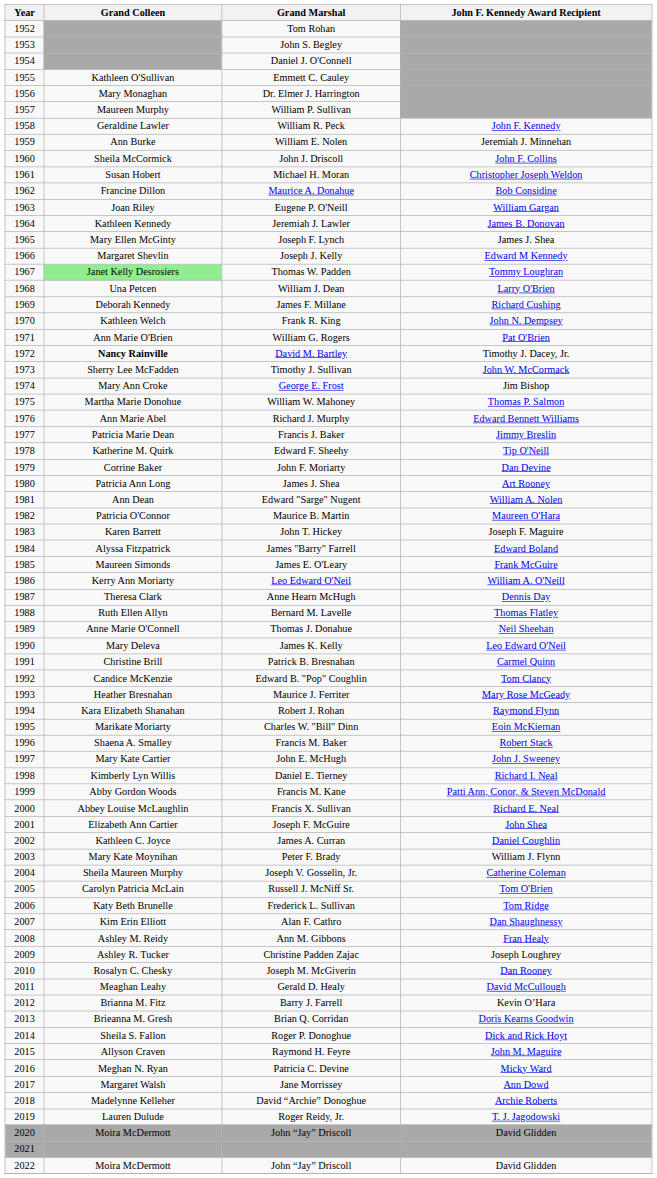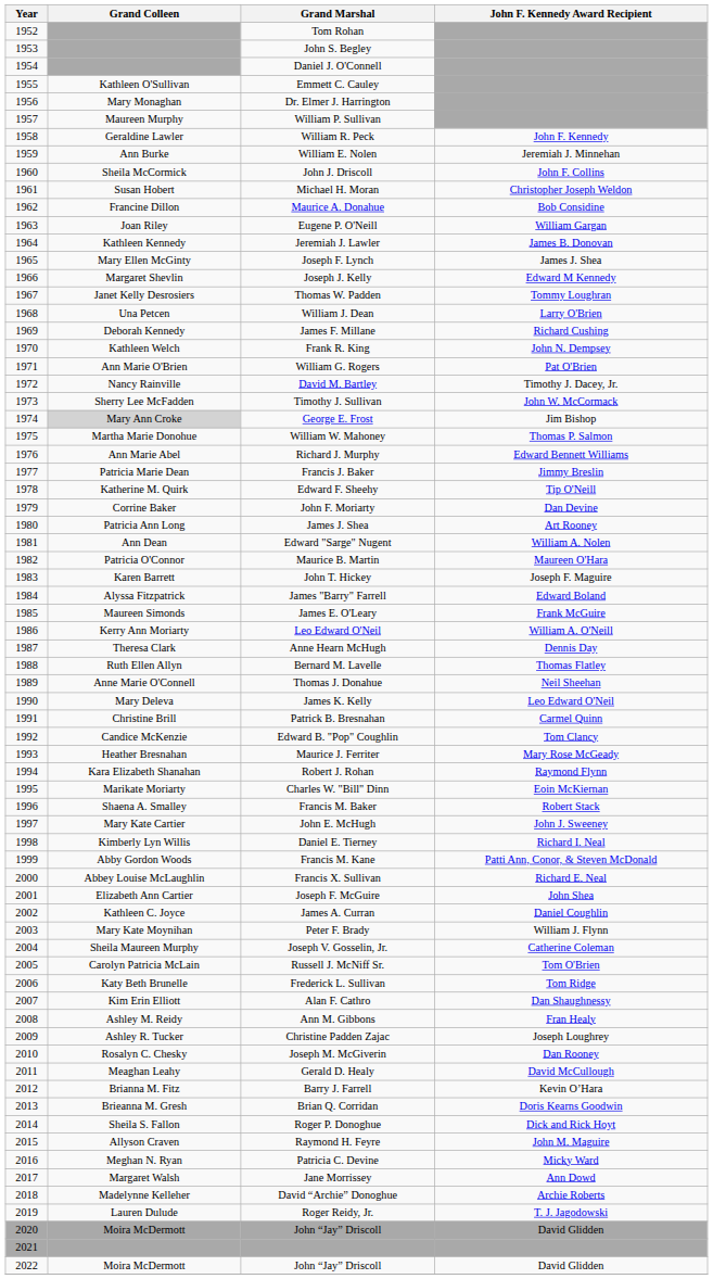 <table class=wikitable style="text-align:center;width:80%;margin-left: auto; margin-right: auto;">
 <tr>
 <th>Year</th>
 <th>Grand Colleen</th>
 <th>Grand Marshal</th>
 <th>John F. Kennedy Award Recipient</th>
 </tr>
 <tr>
 <td>1952</td>
 <td style="background-color: darkgray; border-color: darkgray;"></td>
 <td>Tom Rohan</td>
 <td style="background-color: darkgray; border-color: darkgray"></td>
 </tr>
 <tr>
 <td>1953</td>
 <td style="background-color: darkgray; border-color: darkgray"></td>
 <td>John S. Begley</td>
 <td style="background-color: darkgray; border-color: darkgray"></td>
 </tr>
 <tr>
 <td>1954</td>
 <td style="background-color: darkgray; border-color: darkgray"></td>
 <td>Daniel J. O'Connell</td>
 <td style="background-color: darkgray; border-color: darkgray"></td>
 </tr>
 <tr>
 <td>1955</td>
 <td>Kathleen O'Sullivan</td>
 <td>Emmett C. Cauley</td>
 <td style="background-color: darkgray; border-color: darkgray"></td>
 </tr>
 <tr>
 <td>1956</td>
 <td>Mary Monaghan</td>
 <td>Dr. Elmer J. Harrington</td>
 <td style="background-color: darkgray; border-color: darkgray"></td>
 </tr>
 <tr>
 <td>1957</td>
 <td>Maureen Murphy</td>
 <td>William P. Sullivan</td>
 <td style="background-color: darkgray; border-color: darkgray"></td>
 </tr>
 <tr>
 <td>1958</td>
 <td>Geraldine Lawler</td>
 <td>William R. Peck</td>
 <td><a href='#'>John F. Kennedy</a></td>
 </tr>
 <tr>
 <td>1959</td>
 <td>Ann Burke</td>
 <td>William E. Nolen</td>
 <td>Jeremiah J. Minnehan</td>
 </tr>
 <tr>
 <td>1960</td>
 <td>Sheila McCormick</td>
 <td>John J. Driscoll</td>
 <td><a href='#'>John F. Collins</a></td>
 </tr>
 <tr>
 <td>1961</td>
 <td>Susan Hobert</td>
 <td>Michael H. Moran</td>
 <td><a href='#'>Christopher Joseph Weldon</a></td>
 </tr>
 <tr>
 <td>1962</td>
 <td>Francine Dillon</td>
 <td><a href='#'>Maurice A. Donahue</a></td>
 <td><a href='#'>Bob Considine</a></td>
 </tr>
 <tr>
 <td>1963</td>
 <td>Joan Riley</td>
 <td>Eugene P. O'Neill</td>
 <td><a href='#'>William Gargan</a></td>
 </tr>
 <tr>
 <td>1964</td>
 <td>Kathleen Kennedy</td>
 <td>Jeremiah J. Lawler</td>
 <td><a href='#'>James B. Donovan</a></td>
 </tr>
 <tr>
 <td>1965</td>
 <td>Mary Ellen McGinty</td>
 <td>Joseph F. Lynch</td>
 <td>James J. Shea</td>
 </tr>
 <tr>
 <td>1966</td>
 <td>Margaret Shevlin</td>
 <td>Joseph J. Kelly</td>
 <td><a href='#'>Edward M Kennedy</a></td>
 </tr>
 <tr>
 <td>1967</td>
-<td style="background: lightgreen;">Janet Kelly Desrosiers</td>
+<td>Janet Kelly Desrosiers</td>
 <td>Thomas W. Padden</td>
 <td><a href='#'>Tommy Loughran</a></td>
 </tr>
 <tr>
 <td>1968</td>
 <td>Una Petcen</td>
 <td>William J. Dean</td>
 <td><a href='#'>Larry O'Brien</a></td>
 </tr>
 <tr>
 <td>1969</td>
 <td>Deborah Kennedy</td>
 <td>James F. Millane</td>
 <td><a href='#'>Richard Cushing</a></td>
 </tr>
 <tr>
 <td>1970</td>
 <td>Kathleen Welch</td>
 <td>Frank R. King</td>
 <td><a href='#'>John N. Dempsey</a></td>
 </tr>
 <tr>
 <td>1971</td>
 <td>Ann Marie O'Brien</td>
 <td>William G. Rogers</td>
 <td><a href='#'>Pat O'Brien</a></td>
 </tr>
 <tr>
 <td>1972</td>
-<td><strong>Nancy Rainville</strong></td>
+<td>Nancy Rainville</td>
 <td><a href='#'>David M. Bartley</a></td>
 <td>Timothy J. Dacey, Jr.</td>
 </tr>
 <tr>
 <td>1973</td>
 <td>Sherry Lee McFadden</td>
 <td>Timothy J. Sullivan</td>
 <td><a href='#'>John W. McCormack</a></td>
 </tr>
 <tr>
 <td>1974</td>
-<td>Mary Ann Croke</td>
+<td style="background: lightgrey;">Mary Ann Croke</td>
 <td><a href='#'>George E. Frost</a></td>
 <td>Jim Bishop</td>
 </tr>
 <tr>
 <td>1975</td>
 <td>Martha Marie Donohue</td>
 <td>William W. Mahoney</td>
 <td><a href='#'>Thomas P. Salmon</a></td>
 </tr>
 <tr>
 <td>1976</td>
 <td>Ann Marie Abel</td>
 <td>Richard J. Murphy</td>
 <td><a href='#'>Edward Bennett Williams</a></td>
 </tr>
 <tr>
 <td>1977</td>
 <td>Patricia Marie Dean</td>
 <td>Francis J. Baker</td>
 <td><a href='#'>Jimmy Breslin</a></td>
 </tr>
 <tr>
 <td>1978</td>
 <td>Katherine M. Quirk</td>
 <td>Edward F. Sheehy</td>
 <td><a href='#'>Tip O'Neill</a></td>
 </tr>
 <tr>
 <td>1979</td>
 <td>Corrine Baker</td>
 <td>John F. Moriarty</td>
 <td><a href='#'>Dan Devine</a></td>
 </tr>
 <tr>
 <td>1980</td>
 <td>Patricia Ann Long</td>
 <td>James J. Shea</td>
 <td><a href='#'>Art Rooney</a></td>
 </tr>
 <tr>
 <td>1981</td>
 <td>Ann Dean</td>
 <td>Edward "Sarge" Nugent</td>
 <td><a href='#'>William A. Nolen</a></td>
 </tr>
 <tr>
 <td>1982</td>
 <td>Patricia O'Connor</td>
 <td>Maurice B. Martin</td>
 <td><a href='#'>Maureen O'Hara</a></td>
 </tr>
 <tr>
 <td>1983</td>
 <td>Karen Barrett</td>
 <td>John T. Hickey</td>
 <td>Joseph F. Maguire</td>
 </tr>
 <tr>
 <td>1984</td>
 <td>Alyssa Fitzpatrick</td>
 <td>James "Barry" Farrell</td>
 <td><a href='#'>Edward Boland</a></td>
 </tr>
 <tr>
 <td>1985</td>
 <td>Maureen Simonds</td>
 <td>James E. O'Leary</td>
 <td><a href='#'>Frank McGuire</a></td>
 </tr>
 <tr>
 <td>1986</td>
 <td>Kerry Ann Moriarty</td>
 <td><a href='#'>Leo Edward O'Neil</a></td>
 <td><a href='#'>William A. O'Neill</a></td>
 </tr>
 <tr>
 <td>1987</td>
 <td>Theresa Clark</td>
 <td>Anne Hearn McHugh</td>
 <td><a href='#'>Dennis Day</a></td>
 </tr>
 <tr>
 <td>1988</td>
 <td>Ruth Ellen Allyn</td>
 <td>Bernard M. Lavelle</td>
 <td><a href='#'>Thomas Flatley</a></td>
 </tr>
 <tr>
 <td>1989</td>
 <td>Anne Marie O'Connell</td>
 <td>Thomas J. Donahue</td>
 <td><a href='#'>Neil Sheehan</a></td>
 </tr>
 <tr>
 <td>1990</td>
 <td>Mary Deleva</td>
 <td>James K. Kelly</td>
 <td><a href='#'>Leo Edward O'Neil</a></td>
 </tr>
 <tr>
 <td>1991</td>
 <td>Christine Brill</td>
 <td>Patrick B. Bresnahan</td>
 <td><a href='#'>Carmel Quinn</a></td>
 </tr>
 <tr>
 <td>1992</td>
 <td>Candice McKenzie</td>
 <td>Edward B. "Pop" Coughlin</td>
 <td><a href='#'>Tom Clancy</a></td>
 </tr>
 <tr>
 <td>1993</td>
 <td>Heather Bresnahan</td>
 <td>Maurice J. Ferriter</td>
 <td><a href='#'>Mary Rose McGeady</a></td>
 </tr>
 <tr>
 <td>1994</td>
 <td>Kara Elizabeth Shanahan</td>
 <td>Robert J. Rohan</td>
 <td><a href='#'>Raymond Flynn</a></td>
 </tr>
 <tr>
 <td>1995</td>
 <td>Marikate Moriarty</td>
 <td>Charles W. "Bill" Dinn</td>
 <td><a href='#'>Eoin McKiernan</a></td>
 </tr>
 <tr>
 <td>1996</td>
 <td>Shaena A. Smalley</td>
 <td>Francis M. Baker</td>
 <td><a href='#'>Robert Stack</a></td>
 </tr>
 <tr>
 <td>1997</td>
 <td>Mary Kate Cartier</td>
 <td>John E. McHugh</td>
 <td><a href='#'>John J. Sweeney</a></td>
 </tr>
 <tr>
 <td>1998</td>
 <td>Kimberly Lyn Willis</td>
 <td>Daniel E. Tierney</td>
 <td><a href='#'>Richard I. Neal</a></td>
 </tr>
 <tr>
 <td>1999</td>
 <td>Abby Gordon Woods</td>
 <td>Francis M. Kane</td>
 <td><a href='#'>Patti Ann, Conor, & Steven McDonald</a></td>
 </tr>
 <tr>
 <td>2000</td>
 <td>Abbey Louise McLaughlin</td>
 <td>Francis X. Sullivan</td>
 <td><a href='#'>Richard E. Neal</a></td>
 </tr>
 <tr>
 <td>2001</td>
 <td>Elizabeth Ann Cartier</td>
 <td>Joseph F. McGuire</td>
 <td><a href='#'>John Shea</a></td>
 </tr>
 <tr>
 <td>2002</td>
 <td>Kathleen C. Joyce</td>
 <td>James A. Curran</td>
 <td><a href='#'>Daniel Coughlin</a></td>
 </tr>
 <tr>
 <td>2003</td>
 <td>Mary Kate Moynihan</td>
 <td>Peter F. Brady</td>
 <td>William J. Flynn</td>
 </tr>
 <tr>
 <td>2004</td>
 <td>Sheila Maureen Murphy</td>
 <td>Joseph V. Gosselin, Jr.</td>
 <td><a href='#'>Catherine Coleman</a></td>
 </tr>
 <tr>
 <td>2005</td>
 <td>Carolyn Patricia McLain</td>
 <td>Russell J. McNiff Sr.</td>
 <td><a href='#'>Tom O'Brien</a></td>
 </tr>
 <tr>
 <td>2006</td>
 <td>Katy Beth Brunelle</td>
 <td>Frederick L. Sullivan</td>
 <td><a href='#'>Tom Ridge</a></td>
 </tr>
 <tr>
 <td>2007</td>
 <td>Kim Erin Elliott</td>
 <td>Alan F. Cathro</td>
 <td><a href='#'>Dan Shaughnessy</a></td>
 </tr>
 <tr>
 <td>2008</td>
 <td>Ashley M. Reidy</td>
 <td>Ann M. Gibbons</td>
 <td><a href='#'>Fran Healy</a></td>
 </tr>
 <tr>
 <td>2009</td>
 <td>Ashley R. Tucker</td>
 <td>Christine Padden Zajac</td>
 <td>Joseph Loughrey</td>
 </tr>
 <tr>
 <td>2010</td>
 <td>Rosalyn C. Chesky</td>
 <td>Joseph M. McGiverin</td>
 <td><a href='#'>Dan Rooney</a></td>
 </tr>
 <tr>
 <td>2011</td>
 <td>Meaghan Leahy</td>
 <td>Gerald D. Healy</td>
 <td><a href='#'>David McCullough</a></td>
 </tr>
 <tr>
 <td>2012</td>
 <td>Brianna M. Fitz</td>
 <td>Barry J. Farrell</td>
 <td>Kevin O’Hara</td>
 </tr>
 <tr>
 <td>2013</td>
 <td>Brieanna M. Gresh</td>
 <td>Brian Q. Corridan</td>
 <td><a href='#'>Doris Kearns Goodwin</a></td>
 </tr>
 <tr>
 <td>2014</td>
 <td>Sheila S. Fallon</td>
 <td>Roger P. Donoghue</td>
 <td><a href='#'>Dick and Rick Hoyt</a></td>
 </tr>
 <tr>
 <td>2015</td>
 <td>Allyson Craven</td>
 <td>Raymond H. Feyre</td>
 <td><a href='#'>John M. Maguire</a></td>
 </tr>
 <tr>
 <td>2016</td>
 <td>Meghan N. Ryan</td>
 <td>Patricia C. Devine</td>
 <td><a href='#'>Micky Ward</a></td>
 </tr>
 <tr>
 <td>2017</td>
 <td>Margaret Walsh</td>
 <td>Jane Morrissey</td>
 <td><a href='#'>Ann Dowd</a></td>
 </tr>
 <tr>
 <td>2018</td>
 <td>Madelynne Kelleher</td>
 <td>David “Archie” Donoghue</td>
 <td><a href='#'>Archie Roberts</a></td>
 </tr>
 <tr>
 <td>2019</td>
 <td>Lauren Dulude</td>
 <td>Roger Reidy, Jr.</td>
 <td><a href='#'>T. J. Jagodowski</a></td>
 </tr>
 <tr>
 <td style="background-color: darkgray; border-color: darkgray;">2020</td>
 <td style="background-color: darkgray; border-color: darkgray;">Moira McDermott</td>
 <td style="background-color: darkgray; border-color: darkgray;">John “Jay” Driscoll</td>
 <td style="background-color: darkgray; border-color: darkgray;">David Glidden</td>
 </tr>
 <tr>
 <td style="background-color: darkgray; border-color: darkgray;">2021</td>
 <td style="background-color: darkgray; border-color: darkgray;"></td>
 <td style="background-color: darkgray; border-color: darkgray;"></td>
 <td style="background-color: darkgray; border-color: darkgray;"></td>
 </tr>
 <tr>
 <td>2022</td>
 <td>Moira McDermott</td>
 <td>John “Jay” Driscoll</td>
 <td>David Glidden</td>
 </tr>
 <tr>
 </tr>
 </table>
